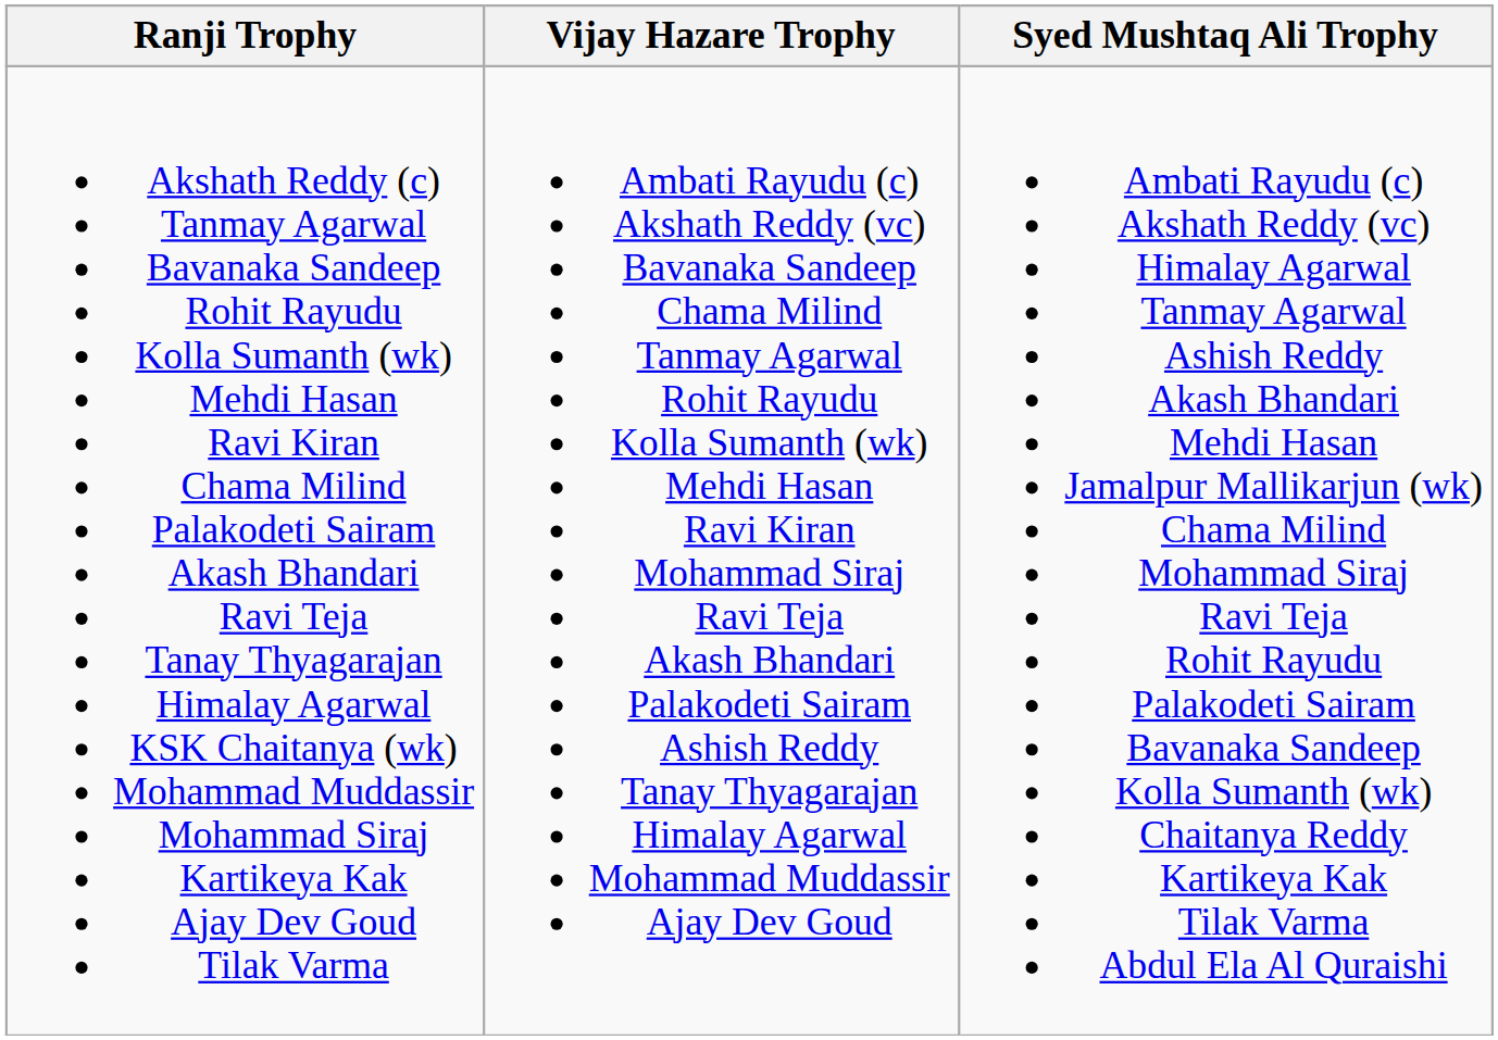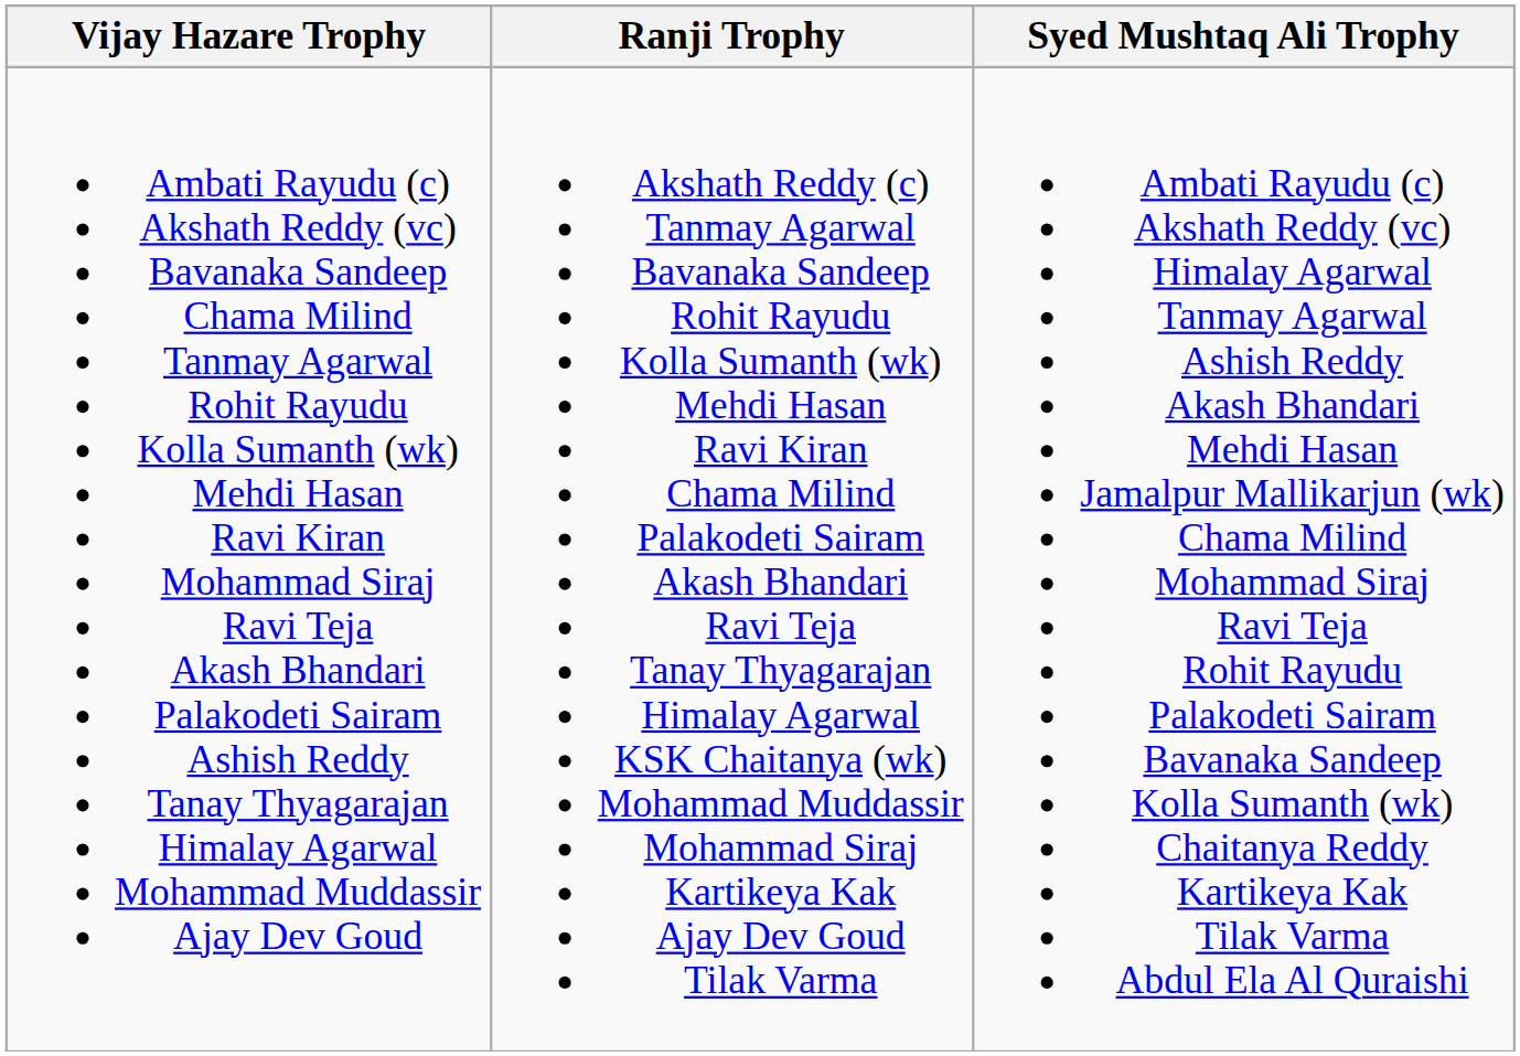 <table class="wikitable" style="text-align:center; margin:auto">
 <tr>
+<th>Vijay Hazare Trophy</th>
 <th>Ranji Trophy</th>
-<th>Vijay Hazare Trophy</th>
 <th>Syed Mushtaq Ali Trophy</th>
 </tr>
 <tr style="vertical-align:top">
+<td><br><ul><li><a href='#'>Ambati Rayudu</a> (<a href='#'>c</a>)</li><li><a href='#'>Akshath Reddy</a> (<a href='#'>vc</a>)</li><li><a href='#'>Bavanaka Sandeep</a></li><li><a href='#'>Chama Milind</a></li><li><a href='#'>Tanmay Agarwal</a></li><li><a href='#'>Rohit Rayudu</a></li><li><a href='#'>Kolla Sumanth</a> (<a href='#'>wk</a>)</li><li><a href='#'>Mehdi Hasan</a></li><li><a href='#'>Ravi Kiran</a></li><li><a href='#'>Mohammad Siraj</a></li><li><a href='#'>Ravi Teja</a></li><li><a href='#'>Akash Bhandari</a></li><li><a href='#'>Palakodeti Sairam</a></li><li><a href='#'>Ashish Reddy</a></li><li><a href='#'>Tanay Thyagarajan</a></li><li><a href='#'>Himalay Agarwal</a></li><li><a href='#'>Mohammad Muddassir</a></li><li><a href='#'>Ajay Dev Goud</a></li></ul></td>
 <td><br><ul><li><a href='#'>Akshath Reddy</a> (<a href='#'>c</a>)</li><li><a href='#'>Tanmay Agarwal</a></li><li><a href='#'>Bavanaka Sandeep</a></li><li><a href='#'>Rohit Rayudu</a></li><li><a href='#'>Kolla Sumanth</a> (<a href='#'>wk</a>)</li><li><a href='#'>Mehdi Hasan</a></li><li><a href='#'>Ravi Kiran</a></li><li><a href='#'>Chama Milind</a></li><li><a href='#'>Palakodeti Sairam</a></li><li><a href='#'>Akash Bhandari</a></li><li><a href='#'>Ravi Teja</a></li><li><a href='#'>Tanay Thyagarajan</a></li><li><a href='#'>Himalay Agarwal</a></li><li><a href='#'>KSK Chaitanya</a> (<a href='#'>wk</a>)</li><li><a href='#'>Mohammad Muddassir</a></li><li><a href='#'>Mohammad Siraj</a></li><li><a href='#'>Kartikeya Kak</a></li><li><a href='#'>Ajay Dev Goud</a></li><li><a href='#'>Tilak Varma</a></li></ul></td>
-<td><br><ul><li><a href='#'>Ambati Rayudu</a> (<a href='#'>c</a>)</li><li><a href='#'>Akshath Reddy</a> (<a href='#'>vc</a>)</li><li><a href='#'>Bavanaka Sandeep</a></li><li><a href='#'>Chama Milind</a></li><li><a href='#'>Tanmay Agarwal</a></li><li><a href='#'>Rohit Rayudu</a></li><li><a href='#'>Kolla Sumanth</a> (<a href='#'>wk</a>)</li><li><a href='#'>Mehdi Hasan</a></li><li><a href='#'>Ravi Kiran</a></li><li><a href='#'>Mohammad Siraj</a></li><li><a href='#'>Ravi Teja</a></li><li><a href='#'>Akash Bhandari</a></li><li><a href='#'>Palakodeti Sairam</a></li><li><a href='#'>Ashish Reddy</a></li><li><a href='#'>Tanay Thyagarajan</a></li><li><a href='#'>Himalay Agarwal</a></li><li><a href='#'>Mohammad Muddassir</a></li><li><a href='#'>Ajay Dev Goud</a></li></ul></td>
 <td><br><ul><li><a href='#'>Ambati Rayudu</a> (<a href='#'>c</a>)</li><li><a href='#'>Akshath Reddy</a> (<a href='#'>vc</a>)</li><li><a href='#'>Himalay Agarwal</a></li><li><a href='#'>Tanmay Agarwal</a></li><li><a href='#'>Ashish Reddy</a></li><li><a href='#'>Akash Bhandari</a></li><li><a href='#'>Mehdi Hasan</a></li><li><a href='#'>Jamalpur Mallikarjun</a> (<a href='#'>wk</a>)</li><li><a href='#'>Chama Milind</a></li><li><a href='#'>Mohammad Siraj</a></li><li><a href='#'>Ravi Teja</a></li><li><a href='#'>Rohit Rayudu</a></li><li><a href='#'>Palakodeti Sairam</a></li><li><a href='#'>Bavanaka Sandeep</a></li><li><a href='#'>Kolla Sumanth</a> (<a href='#'>wk</a>)</li><li><a href='#'>Chaitanya Reddy</a></li><li><a href='#'>Kartikeya Kak</a></li><li><a href='#'>Tilak Varma</a></li><li><a href='#'>Abdul Ela Al Quraishi</a></li></ul></td>
 </tr>
 </table>
